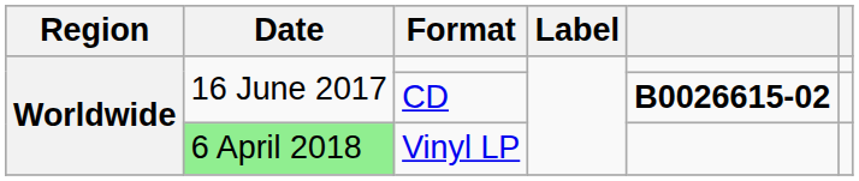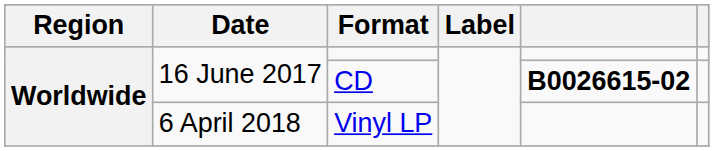 <table class="wikitable plainrowheaders">
 <tr>
 <th scope="col">Region</th>
 <th scope="col">Date</th>
 <th scope="col">Format</th>
 <th scope="col">Label</th>
 <th scope="col"></th>
 <th scope="col"></th>
 </tr>
 <tr>
 <th scope="row" rowspan="3">Worldwide</th>
 <td rowspan="2">16 June 2017</td>
 <td></td>
 <td rowspan="3"></td>
 <td></td>
 <td align="center"></td>
 </tr>
 <tr>
 <td><a href='#'>CD</a></td>
 <td><strong>B0026615-02</strong></td>
 <td align="center"></td>
 </tr>
 <tr>
-<td style="background: lightgreen;">6 April 2018</td>
+<td>6 April 2018</td>
 <td><a href='#'>Vinyl LP</a></td>
 <td></td>
 <td align="center"></td>
 </tr>
 </table>
